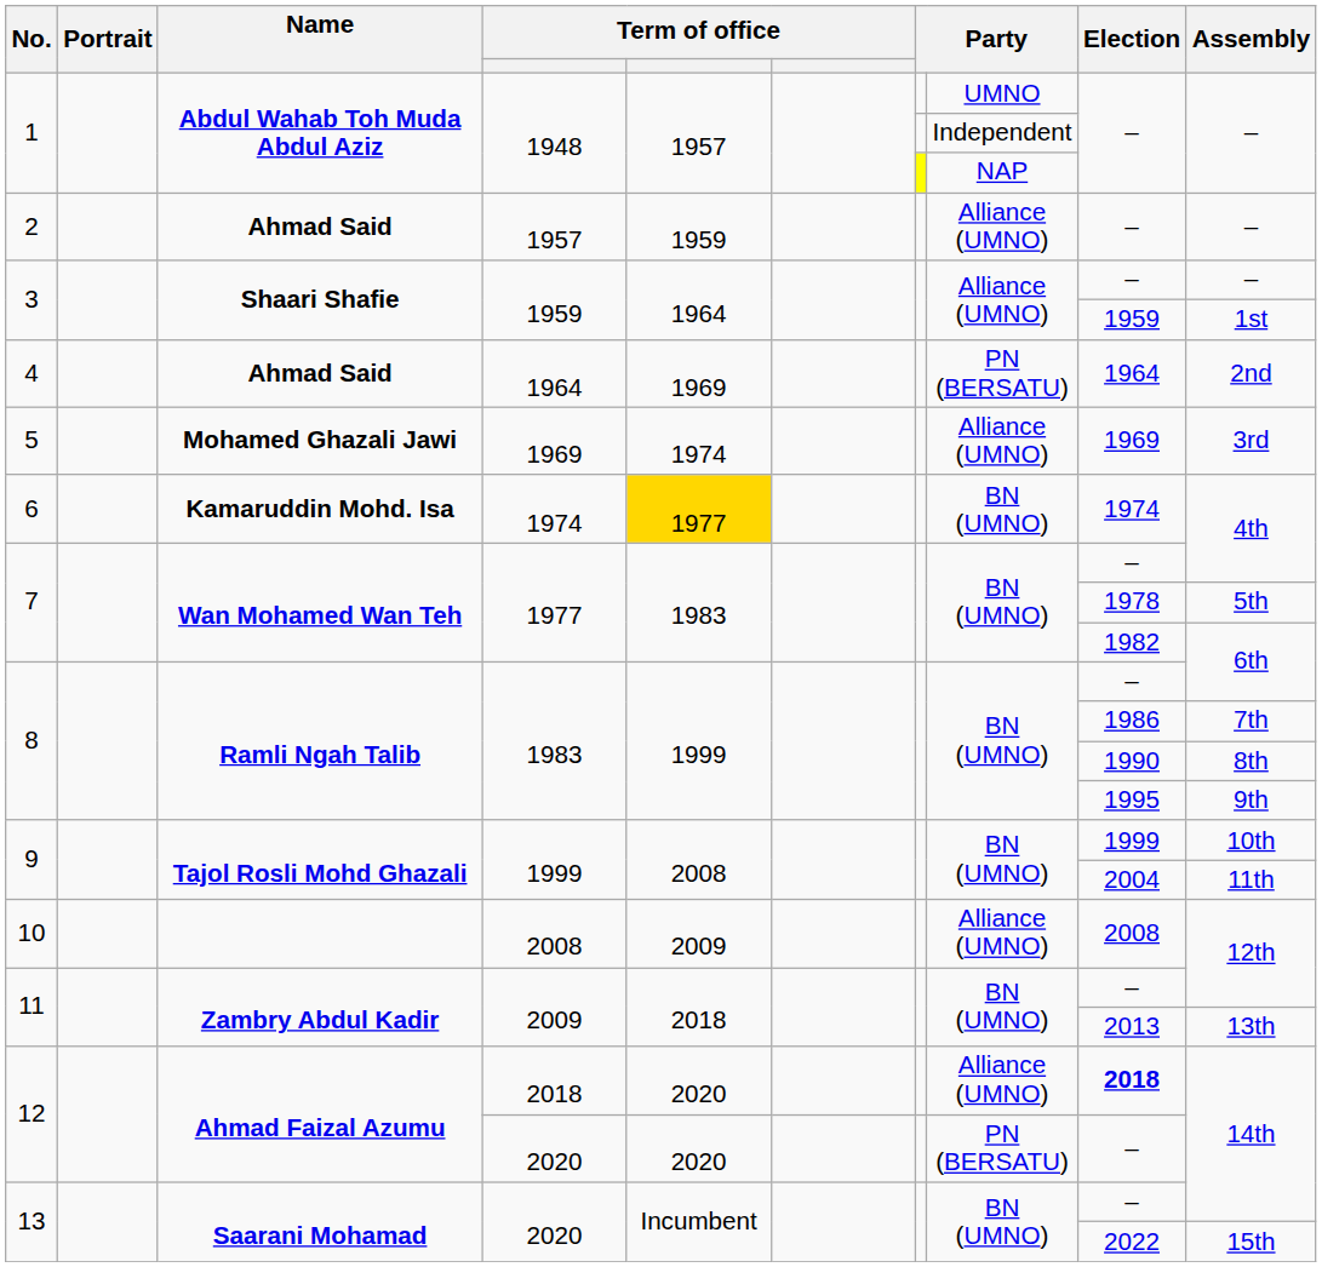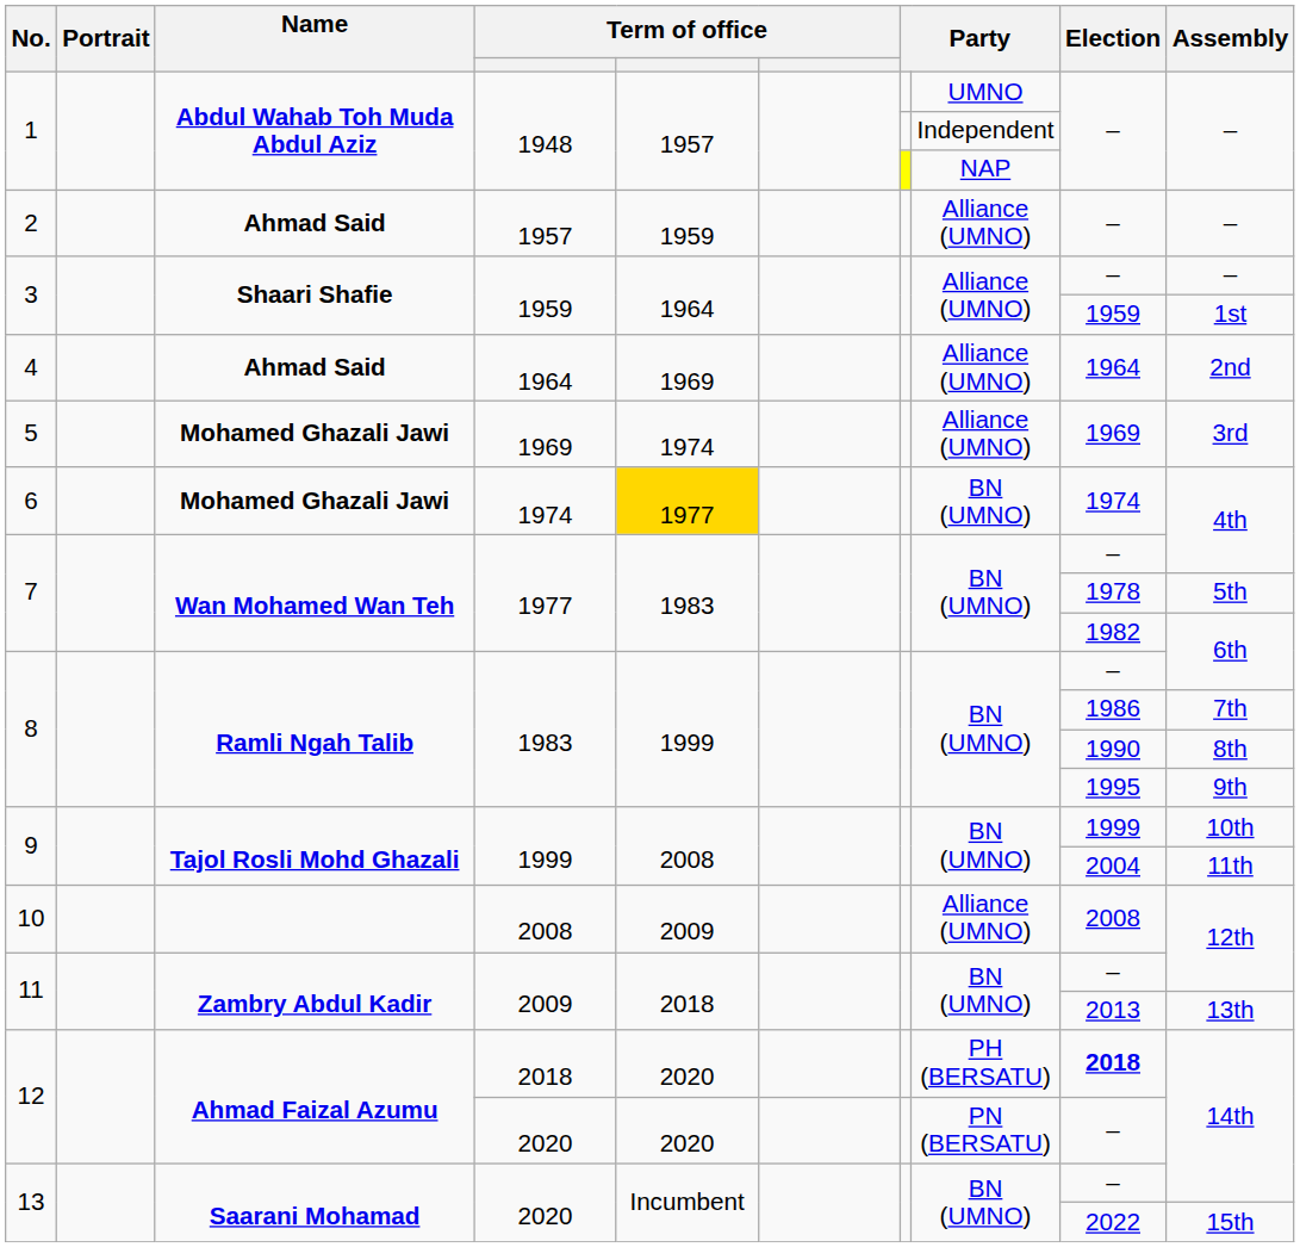 <table class="wikitable" style="text-align:center; border:1px #aaf solid;">
 <tr>
 <th rowspan="2">No.</th>
 <th rowspan="2">Portrait</th>
 <th rowspan="2" width="200">Name<br><br></th>
 <th colspan="3">Term of office</th>
 <th colspan="2" rowspan="2">Party</th>
 <th rowspan="2">Election</th>
 <th rowspan="2">Assembly</th>
 </tr>
 <tr>
 <th width="85"></th>
 <th width="85"></th>
 <th width="85"></th>
 </tr>
 <tr>
 <td rowspan="3">1</td>
 <td rowspan="3"></td>
 <td rowspan="3"><strong><a href='#'>Abdul Wahab Toh Muda Abdul Aziz</a></strong><br></td>
 <td rowspan="3"><br>1948</td>
 <td rowspan="3"><br>1957</td>
 <td rowspan="3"></td>
 <td style="background:"></td>
 <td><a href='#'>UMNO</a></td>
 <td rowspan="3">–</td>
 <td rowspan="3">–</td>
 </tr>
 <tr>
 <td style="background:"></td>
 <td>Independent</td>
 </tr>
 <tr>
 <td style="background:yellow;"></td>
 <td><a href='#'>NAP</a></td>
 </tr>
 <tr>
 <td>2</td>
 <td></td>
 <td><strong>Ahmad Said</strong><br></td>
 <td><br>1957</td>
 <td><br>1959</td>
 <td></td>
 <td style="background:"></td>
 <td><a href='#'>Alliance</a><br>(<a href='#'>UMNO</a>)</td>
 <td>–</td>
 <td>–</td>
 </tr>
 <tr>
 <td rowspan="2">3</td>
 <td rowspan="2"></td>
 <td rowspan="2"><strong>Shaari Shafie</strong><br></td>
 <td rowspan="2"><br>1959</td>
 <td rowspan="2"><br>1964</td>
 <td rowspan="2"></td>
 <td rowspan="2" style="background:"></td>
 <td rowspan="2"><a href='#'>Alliance</a><br>(<a href='#'>UMNO</a>)</td>
 <td>–</td>
 <td>–</td>
 </tr>
 <tr>
 <td><a href='#'>1959</a></td>
 <td><a href='#'>1st</a></td>
 </tr>
 <tr>
 <td>4</td>
 <td></td>
 <td><strong>Ahmad Said</strong><br></td>
 <td><br>1964</td>
 <td><br>1969</td>
 <td></td>
 <td style="background:"></td>
-<td><a href='#'>PN</a><br>(<a href='#'>BERSATU</a>)</td>
+<td><a href='#'>Alliance</a><br>(<a href='#'>UMNO</a>)</td>
 <td><a href='#'>1964</a></td>
 <td><a href='#'>2nd</a></td>
 </tr>
 <tr>
 <td>5</td>
 <td></td>
 <td><strong>Mohamed Ghazali Jawi</strong><br></td>
 <td><br>1969</td>
 <td><br>1974</td>
 <td></td>
 <td style="background:"></td>
 <td><a href='#'>Alliance</a><br>(<a href='#'>UMNO</a>)</td>
 <td><a href='#'>1969</a></td>
 <td><a href='#'>3rd</a></td>
 </tr>
 <tr>
 <td>6</td>
 <td></td>
-<td><strong>Kamaruddin Mohd. Isa</strong><br></td>
+<td><strong>Mohamed Ghazali Jawi</strong><br></td>
 <td><br>1974</td>
 <td style="background: gold;"><br>1977</td>
 <td></td>
 <td style="background:"></td>
 <td><a href='#'>BN</a><br>(<a href='#'>UMNO</a>)</td>
 <td><a href='#'>1974</a></td>
 <td rowspan="2"><a href='#'>4th</a></td>
 </tr>
 <tr>
 <td rowspan="3">7</td>
 <td rowspan="3"></td>
 <td rowspan="3"><br><strong><a href='#'>Wan Mohamed Wan Teh</a></strong><br></td>
 <td rowspan="3"><br>1977</td>
 <td rowspan="3"><br>1983</td>
 <td rowspan="3"></td>
 <td rowspan="3" style="background:"></td>
 <td rowspan="3"><a href='#'>BN</a><br>(<a href='#'>UMNO</a>)</td>
 <td>–</td>
 </tr>
 <tr>
 <td><a href='#'>1978</a></td>
 <td><a href='#'>5th</a></td>
 </tr>
 <tr>
 <td><a href='#'>1982</a></td>
 <td rowspan="2"><a href='#'>6th</a></td>
 </tr>
 <tr>
 <td rowspan="4">8</td>
 <td rowspan="4"></td>
 <td rowspan="4"><br><strong><a href='#'>Ramli Ngah Talib</a></strong><br></td>
 <td rowspan="4"><br>1983</td>
 <td rowspan="4"><br>1999</td>
 <td rowspan="4"></td>
 <td rowspan="4" style="background:"></td>
 <td rowspan="4"><a href='#'>BN</a><br>(<a href='#'>UMNO</a>)</td>
 <td>–</td>
 </tr>
 <tr>
 <td><a href='#'>1986</a></td>
 <td><a href='#'>7th</a></td>
 </tr>
 <tr>
 <td><a href='#'>1990</a></td>
 <td><a href='#'>8th</a></td>
 </tr>
 <tr>
 <td><a href='#'>1995</a></td>
 <td><a href='#'>9th</a></td>
 </tr>
 <tr>
 <td rowspan="2">9</td>
 <td rowspan="2"></td>
 <td rowspan="2"><br><strong><a href='#'>Tajol Rosli Mohd Ghazali</a></strong><br></td>
 <td rowspan="2"><br>1999</td>
 <td rowspan="2"><br>2008</td>
 <td rowspan="2"></td>
 <td rowspan="2" style="background:"></td>
 <td rowspan="2"><a href='#'>BN</a><br>(<a href='#'>UMNO</a>)</td>
 <td><a href='#'>1999</a></td>
 <td><a href='#'>10th</a></td>
 </tr>
 <tr>
 <td><a href='#'>2004</a></td>
 <td><a href='#'>11th</a></td>
 </tr>
 <tr>
 <td>10</td>
 <td></td>
 <td><br><br></td>
 <td><br>2008</td>
 <td><br>2009</td>
 <td></td>
 <td style="background:"></td>
 <td><a href='#'>Alliance</a><br>(<a href='#'>UMNO</a>)</td>
 <td><a href='#'>2008</a></td>
 <td rowspan="2"><a href='#'>12th</a></td>
 </tr>
 <tr>
 <td rowspan="2">11</td>
 <td rowspan="2"></td>
 <td rowspan="2"><br><strong><a href='#'>Zambry Abdul Kadir</a></strong><br></td>
 <td rowspan="2"><br>2009</td>
 <td rowspan="2"><br>2018</td>
 <td rowspan="2"></td>
 <td rowspan="2" style="background:"></td>
 <td rowspan="2"><a href='#'>BN</a><br>(<a href='#'>UMNO</a>)</td>
 <td>–</td>
 </tr>
 <tr>
 <td><a href='#'>2013</a></td>
 <td><a href='#'>13th</a></td>
 </tr>
 <tr>
 <td rowspan="2">12</td>
 <td rowspan="2"></td>
 <td rowspan="2"><br><strong><a href='#'>Ahmad Faizal Azumu</a></strong><br></td>
 <td><br>2018</td>
 <td><br>2020</td>
 <td></td>
 <td style="background:"></td>
-<td><a href='#'>Alliance</a><br>(<a href='#'>UMNO</a>)</td>
+<td><a href='#'>PH</a><br>(<a href='#'>BERSATU</a>)</td>
 <td><strong><a href='#'>2018</a></strong></td>
 <td rowspan="3"><a href='#'>14th</a></td>
 </tr>
 <tr>
 <td><br>2020</td>
 <td><br>2020</td>
 <td></td>
 <td style="background:"></td>
 <td><a href='#'>PN</a><br>(<a href='#'>BERSATU</a>)</td>
 <td>–</td>
 </tr>
 <tr>
 <td rowspan="2">13</td>
 <td rowspan="2"></td>
 <td rowspan="2"><br><strong><a href='#'>Saarani Mohamad</a></strong><br></td>
 <td rowspan="2"><br>2020</td>
 <td rowspan="2">Incumbent</td>
 <td rowspan="2"></td>
 <td rowspan="2" style="background:"></td>
 <td rowspan="2"><a href='#'>BN</a><br>(<a href='#'>UMNO</a>)</td>
 <td>–</td>
 </tr>
 <tr>
 <td><a href='#'>2022</a></td>
 <td><a href='#'>15th</a></td>
 </tr>
 </table>
